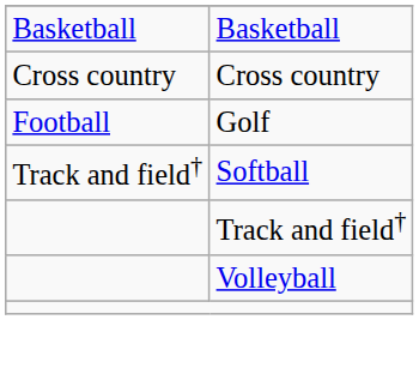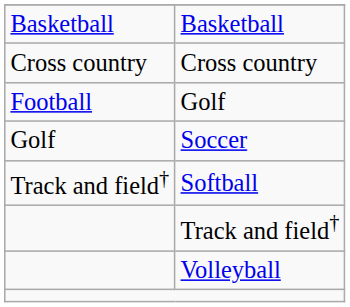 <table class="wikitable" style=" ">
 <tr>
 </tr>
 <tr>
 <td><a href='#'>Basketball</a></td>
 <td><a href='#'>Basketball</a></td>
 </tr>
 <tr>
 <td>Cross country</td>
 <td>Cross country</td>
 </tr>
 <tr>
 <td><a href='#'>Football</a></td>
 <td>Golf</td>
+</tr>
+<tr>
+<td>Golf</td>
+<td><a href='#'>Soccer</a></td>
 </tr>
 <tr>
 <td>Track and field<sup>†</sup></td>
 <td><a href='#'>Softball</a></td>
 </tr>
 <tr>
 <td></td>
 <td>Track and field<sup>†</sup></td>
 </tr>
 <tr>
 <td></td>
 <td><a href='#'>Volleyball</a></td>
 </tr>
 <tr>
 <td colspan="2"></td>
 </tr>
 </table>
